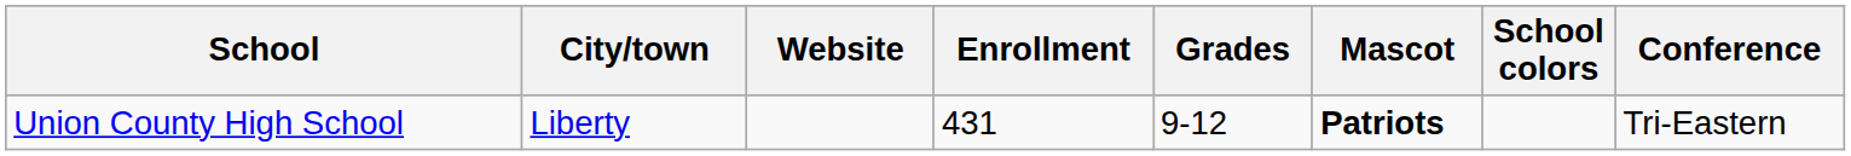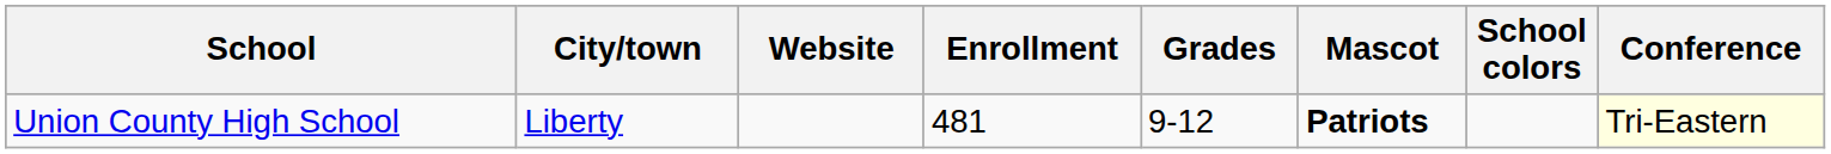 <table class="wikitable sortable" width="70%">
 <tr>
 <th width="20%">School</th>
 <th width="08%">City/town</th>
 <th width="06%">Website</th>
 <th width="04%">Enrollment</th>
 <th width="04%">Grades</th>
 <th width="04%">Mascot</th>
 <th width=01%>School colors</th>
 <th width="04%">Conference</th>
 </tr>
 <tr>
 <td><a href='#'>Union County High School</a></td>
 <td><a href='#'>Liberty</a></td>
 <td></td>
-<td>431</td>
+<td>481</td>
 <td>9-12</td>
 <td><strong>Patriots</strong></td>
 <td>  </td>
-<td>Tri-Eastern</td>
+<td style="background: lightyellow;">Tri-Eastern</td>
 </tr>
 </table>
